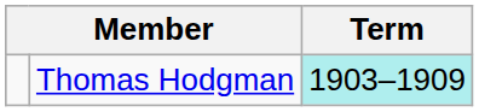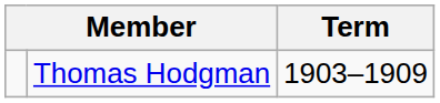 <table class="wikitable">
 <tr>
 <th colspan="2">Member</th>
 <th>Term</th>
 </tr>
 <tr>
 <td> </td>
 <td><a href='#'>Thomas Hodgman</a></td>
-<td style="background: paleturquoise;">1903–1909</td>
+<td>1903–1909</td>
 </tr>
 </table>
